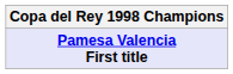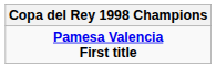 <table class=wikitable style="text-align:center; margin:auto">
 <tr>
 <th>Copa del Rey 1998 Champions</th>
 </tr>
 <tr>
-<td style="background: lavender;"><strong><a href='#'>Pamesa Valencia</a></strong> <br> <strong>First title</strong></td>
+<td><strong><a href='#'>Pamesa Valencia</a></strong> <br> <strong>First title</strong></td>
 </tr>
 </table>
